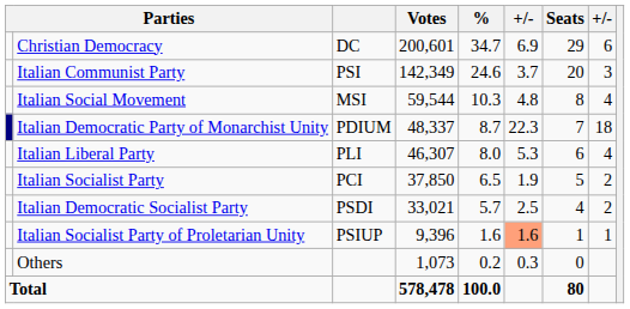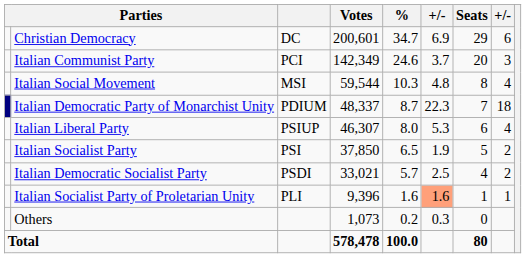 <table class="wikitable">
 <tr>
 <th colspan="2">Parties</th>
 <th></th>
 <th>Votes</th>
 <th>%</th>
 <th>+/-</th>
 <th>Seats</th>
 <th>+/-</th>
 <th rowspan="12"></th>
 </tr>
 <tr>
 <td style="background-color:"></td>
 <td><a href='#'>Christian Democracy</a></td>
 <td>DC</td>
 <td align=right>200,601</td>
 <td align=right>34.7</td>
 <td align=right> 6.9</td>
 <td align=right>29</td>
 <td align=right> 6</td>
 </tr>
 <tr>
 <td style="background-color:"></td>
 <td><a href='#'>Italian Communist Party</a></td>
-<td>PSI</td>
+<td>PCI</td>
 <td align=right>142,349</td>
 <td align=right>24.6</td>
 <td align=right> 3.7</td>
 <td align=right>20</td>
 <td align=right> 3</td>
 </tr>
 <tr>
 <td style="background-color:"></td>
 <td><a href='#'>Italian Social Movement</a></td>
 <td>MSI</td>
 <td align=right>59,544</td>
 <td align=right>10.3</td>
 <td align=right> 4.8</td>
 <td align=right>8</td>
 <td align=right> 4</td>
 </tr>
 <tr>
 <td style="background-color:#000080"></td>
 <td><a href='#'>Italian Democratic Party of Monarchist Unity</a></td>
 <td>PDIUM</td>
 <td align=right>48,337</td>
 <td align=right>8.7</td>
 <td align=right> 22.3</td>
 <td align=right>7</td>
 <td align=right> 18</td>
 </tr>
 <tr>
 <td style="background-color:"></td>
 <td><a href='#'>Italian Liberal Party</a></td>
-<td>PLI</td>
+<td>PSIUP</td>
 <td align=right>46,307</td>
 <td align=right>8.0</td>
 <td align=right> 5.3</td>
 <td align=right>6</td>
 <td align=right> 4</td>
 </tr>
 <tr>
 <td style="background-color:"></td>
 <td><a href='#'>Italian Socialist Party</a></td>
-<td>PCI</td>
+<td>PSI</td>
 <td align=right>37,850</td>
 <td align=right>6.5</td>
 <td align=right> 1.9</td>
 <td align=right>5</td>
 <td align=right> 2</td>
 </tr>
 <tr>
 <td style="background-color:"></td>
 <td><a href='#'>Italian Democratic Socialist Party</a></td>
 <td>PSDI</td>
 <td align=right>33,021</td>
 <td align=right>5.7</td>
 <td align=right> 2.5</td>
 <td align=right>4</td>
 <td align=right> 2</td>
 </tr>
 <tr>
 <td style="background-color:"></td>
 <td><a href='#'>Italian Socialist Party of Proletarian Unity</a></td>
-<td>PSIUP</td>
+<td>PLI</td>
 <td align=right>9,396</td>
 <td align=right>1.6</td>
 <td align=right style="background: lightsalmon;"> 1.6</td>
 <td align=right>1</td>
 <td align=right> 1</td>
 </tr>
 <tr>
 <td style="background-color:"></td>
 <td>Others</td>
 <td></td>
 <td align=right>1,073</td>
 <td align=right>0.2</td>
 <td align=right> 0.3</td>
 <td align=right>0</td>
 <td align=right></td>
 </tr>
 <tr>
 <td colspan="2"><strong>Total</strong></td>
 <td></td>
 <td align=right><strong>578,478</strong></td>
 <td align=right><strong>100.0</strong></td>
 <td align=right></td>
 <td align=right><strong>80</strong></td>
 <td align=right></td>
 </tr>
 </table>
